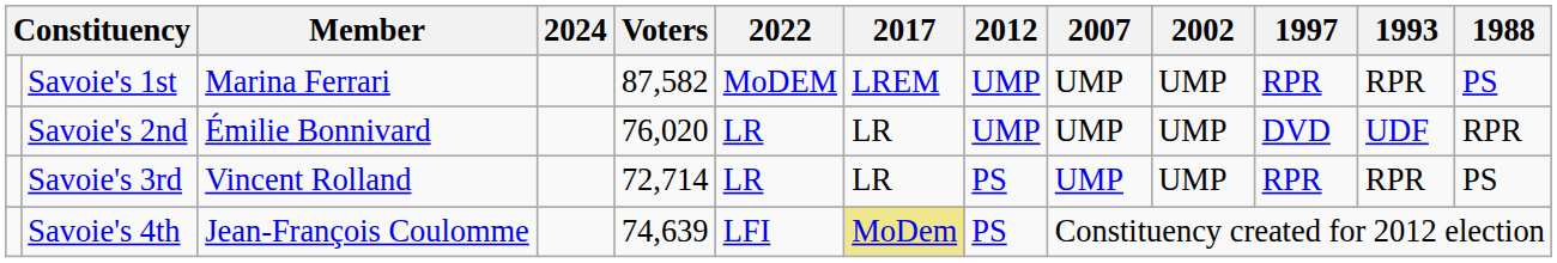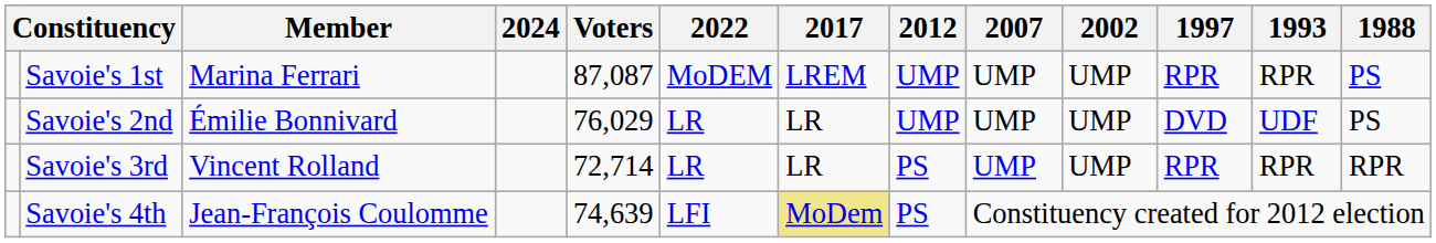 <table class="wikitable sortable">
 <tr>
 <th colspan="2">Constituency</th>
 <th>Member</th>
 <th>2024</th>
 <th>Voters</th>
 <th>2022</th>
 <th>2017</th>
 <th>2012</th>
 <th>2007</th>
 <th>2002</th>
 <th>1997</th>
 <th>1993</th>
 <th>1988</th>
 </tr>
 <tr>
 <td style="background-color: "></td>
 <td><a href='#'>Savoie's 1st</a></td>
 <td><a href='#'>Marina Ferrari</a></td>
 <td></td>
-<td>87,582</td>
+<td>87,087</td>
 <td><a href='#'>MoDEM</a></td>
 <td><a href='#'>LREM</a></td>
 <td><a href='#'>UMP</a></td>
 <td>UMP</td>
 <td>UMP</td>
 <td><a href='#'>RPR</a></td>
 <td>RPR</td>
 <td><a href='#'>PS</a></td>
 </tr>
 <tr>
 <td style="background-color: "></td>
 <td><a href='#'>Savoie's 2nd</a></td>
 <td><a href='#'>Émilie Bonnivard</a></td>
 <td></td>
-<td>76,020</td>
+<td>76,029</td>
 <td><a href='#'>LR</a></td>
 <td>LR</td>
 <td><a href='#'>UMP</a></td>
 <td>UMP</td>
 <td>UMP</td>
 <td><a href='#'>DVD</a></td>
 <td><a href='#'>UDF</a></td>
-<td>RPR</td>
+<td>PS</td>
 </tr>
 <tr>
 <td style="background-color: "></td>
 <td><a href='#'>Savoie's 3rd</a></td>
 <td><a href='#'>Vincent Rolland</a></td>
 <td></td>
 <td>72,714</td>
 <td><a href='#'>LR</a></td>
 <td>LR</td>
 <td><a href='#'>PS</a></td>
 <td><a href='#'>UMP</a></td>
 <td>UMP</td>
 <td><a href='#'>RPR</a></td>
 <td>RPR</td>
-<td>PS</td>
+<td>RPR</td>
 </tr>
 <tr>
 <td style="background-color: "></td>
 <td><a href='#'>Savoie's 4th</a></td>
 <td><a href='#'>Jean-François Coulomme</a></td>
 <td></td>
 <td>74,639</td>
 <td><a href='#'>LFI</a></td>
 <td style="background: khaki;"><a href='#'>MoDem</a></td>
 <td><a href='#'>PS</a></td>
 <td colspan="5">Constituency created for 2012 election</td>
 </tr>
 </table>
